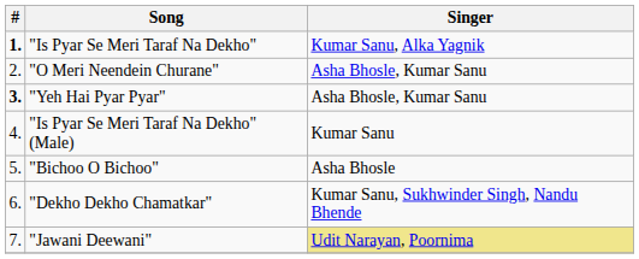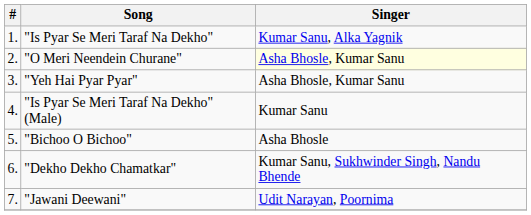 <table class="wikitable sortable">
 <tr>
 <th>#</th>
 <th>Song</th>
 <th>Singer</th>
 </tr>
 <tr>
-<td><strong>1.</strong></td>
+<td>1.</td>
 <td>"Is Pyar Se Meri Taraf Na Dekho"</td>
 <td><a href='#'>Kumar Sanu</a>, <a href='#'>Alka Yagnik</a></td>
 </tr>
 <tr>
 <td>2.</td>
 <td>"O Meri Neendein Churane"</td>
-<td><a href='#'>Asha Bhosle</a>, Kumar Sanu</td>
+<td style="background: lightyellow;"><a href='#'>Asha Bhosle</a>, Kumar Sanu</td>
 </tr>
 <tr>
-<td><strong>3.</strong></td>
+<td>3.</td>
 <td>"Yeh Hai Pyar Pyar"</td>
 <td>Asha Bhosle, Kumar Sanu</td>
 </tr>
 <tr>
 <td>4.</td>
 <td>"Is Pyar Se Meri Taraf Na Dekho" (Male)</td>
 <td>Kumar Sanu</td>
 </tr>
 <tr>
 <td>5.</td>
 <td>"Bichoo O Bichoo"</td>
 <td>Asha Bhosle</td>
 </tr>
 <tr>
 <td>6.</td>
 <td>"Dekho Dekho Chamatkar"</td>
 <td>Kumar Sanu, <a href='#'>Sukhwinder Singh</a>, <a href='#'>Nandu Bhende</a></td>
 </tr>
 <tr>
 <td>7.</td>
 <td>"Jawani Deewani"</td>
-<td style="background: khaki;"><a href='#'>Udit Narayan</a>, <a href='#'>Poornima</a></td>
+<td><a href='#'>Udit Narayan</a>, <a href='#'>Poornima</a></td>
 </tr>
 <tr>
 </tr>
 </table>
